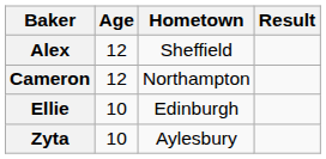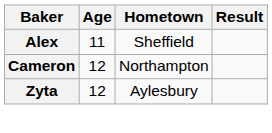 <table class="wikitable sortable" style="display:inline-table; text-align:center">
 <tr>
 <th scope="col">Baker</th>
 <th scope="col">Age</th>
 <th scope="col">Hometown</th>
 <th scope="col">Result</th>
 </tr>
 <tr>
 <th scope="row">Alex</th>
-<td>12</td>
+<td>11</td>
 <td>Sheffield</td>
 <td></td>
 </tr>
 <tr>
 <th scope="row">Cameron</th>
 <td>12</td>
 <td>Northampton</td>
 <td></td>
 </tr>
 <tr>
-<th scope="row">Ellie</th>
-<td>10</td>
-<td>Edinburgh</td>
-<td></td>
-</tr>
-<tr>
 <th scope="row">Zyta</th>
-<td>10</td>
+<td>12</td>
 <td>Aylesbury</td>
 <td></td>
 </tr>
 </table>
